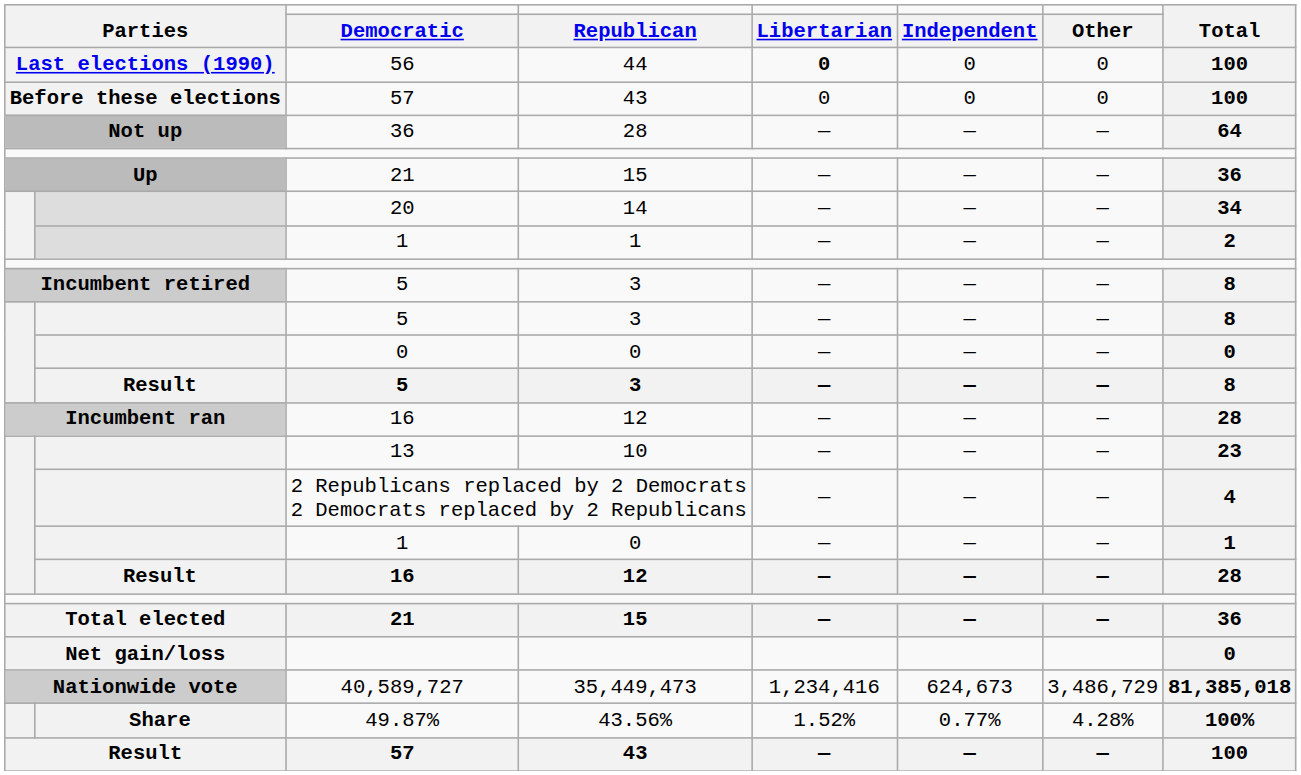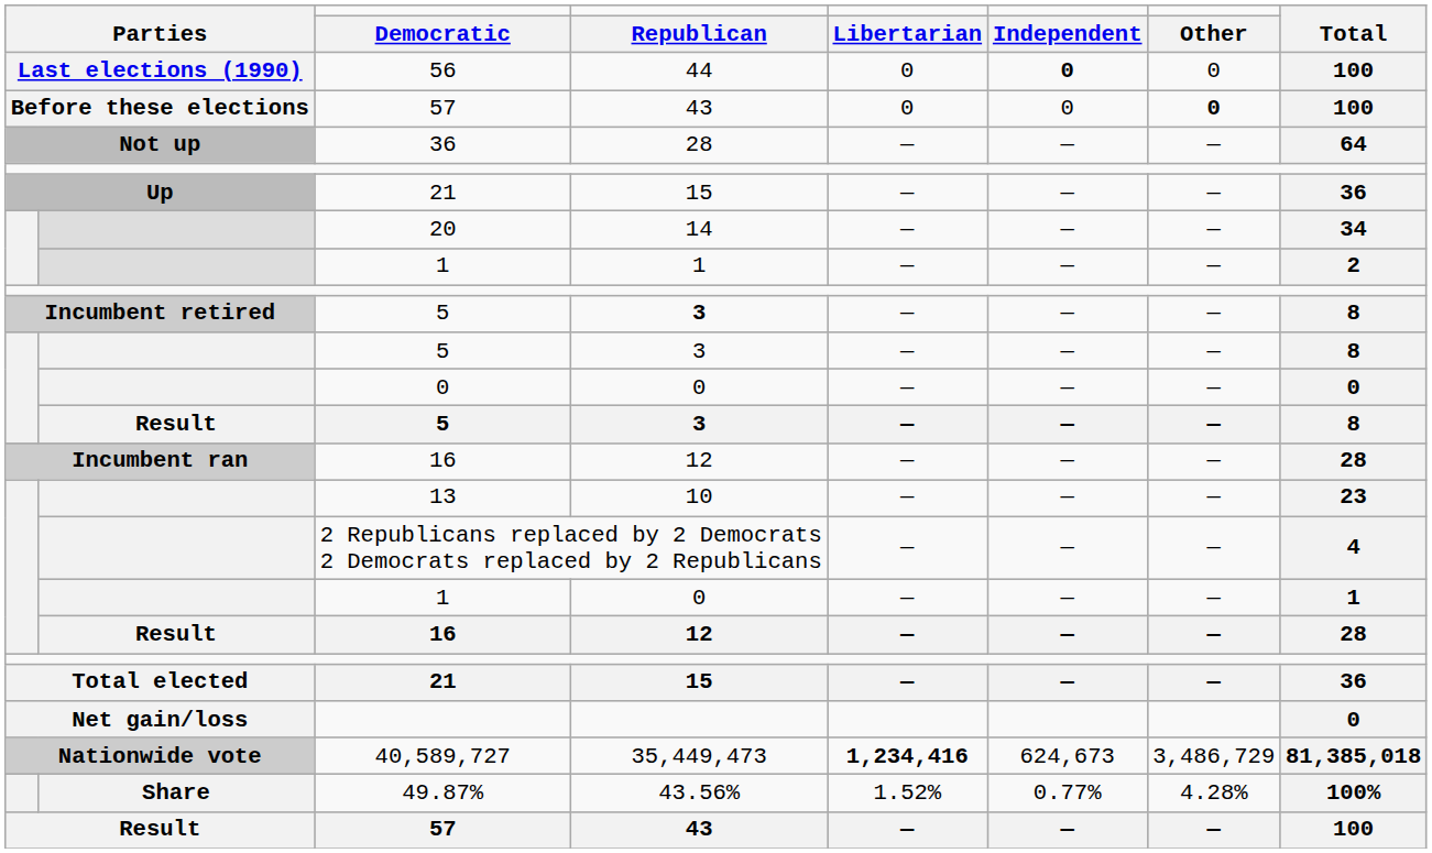 <table class=wikitable style=text-align:center>
 <tr valign=bottom>
 <th rowspan=2 colspan=2>Parties</th>
 <td style="background-color:"></td>
 <td style="background-color:"></td>
 <td style="background-color:"></td>
 <td style="background-color:"></td>
 <td style="background-color:"></td>
 <th rowspan=2>Total</th>
 </tr>
 <tr valign=bottom>
 <th><a href='#'>Democratic</a></th>
 <th><a href='#'>Republican</a></th>
 <th><a href='#'>Libertarian</a></th>
 <th><a href='#'>Independent</a></th>
 <th>Other</th>
 </tr>
 <tr>
 <th colspan=2><a href='#'>Last elections (1990)</a></th>
 <td>56</td>
 <td>44</td>
+<td>0</td>
 <td><strong>0</strong></td>
-<td>0</td>
 <td>0</td>
 <th>100</th>
 </tr>
 <tr>
 <th colspan=2 class=small>Before these elections</th>
 <td>57</td>
 <td>43</td>
 <td>0</td>
 <td>0</td>
-<td>0</td>
+<td><strong>0</strong></td>
 <th>100</th>
 </tr>
 <tr>
 <th colspan=2 style="background:#bbb">Not up</th>
 <td>36</td>
 <td>28</td>
 <td>—</td>
 <td>—</td>
 <td>—</td>
 <th>64</th>
 </tr>
 <tr>
 <td colspan=100></td>
 </tr>
 <tr>
 <th colspan=2 style="background:#bbb">Up</th>
 <td>21</td>
 <td>15</td>
 <td>—</td>
 <td>—</td>
 <td>—</td>
 <th>36</th>
 </tr>
 <tr>
 <th rowspan=2></th>
 <th style="background:#ddd"></th>
 <td>20</td>
 <td>14</td>
 <td>—</td>
 <td>—</td>
 <td>—</td>
 <th>34</th>
 </tr>
 <tr>
 <th style="background:#ddd"></th>
 <td>1</td>
 <td>1</td>
 <td>—</td>
 <td>—</td>
 <td>—</td>
 <th>2</th>
 </tr>
 <tr>
 <td colspan=100></td>
 </tr>
 <tr>
 <th colspan=2 style="background:#ccc">Incumbent retired</th>
 <td>5</td>
-<td>3</td>
+<td><strong>3</strong></td>
 <td>—</td>
 <td>—</td>
 <td>—</td>
 <th>8</th>
 </tr>
 <tr>
 <th rowspan=3></th>
 <th></th>
 <td>5</td>
 <td>3</td>
 <td>—</td>
 <td>—</td>
 <td>—</td>
 <th>8</th>
 </tr>
 <tr>
 <th></th>
 <td>0</td>
 <td>0</td>
 <td>—</td>
 <td>—</td>
 <td>—</td>
 <th>0</th>
 </tr>
 <tr>
 <th>Result</th>
 <th>5</th>
 <th>3</th>
 <th>—</th>
 <th>—</th>
 <th>—</th>
 <th>8</th>
 </tr>
 <tr>
 <th colspan=2 style="background:#ccc">Incumbent ran</th>
 <td>16</td>
 <td>12</td>
 <td>—</td>
 <td>—</td>
 <td>—</td>
 <th>28</th>
 </tr>
 <tr>
 <th rowspan=4></th>
 <th></th>
 <td>13</td>
 <td>10</td>
 <td>—</td>
 <td>—</td>
 <td>—</td>
 <th>23</th>
 </tr>
 <tr>
 <th></th>
 <td colspan=2>2 Republicans replaced by 2 Democrats<br>2 Democrats replaced by 2 Republicans</td>
 <td>—</td>
 <td>—</td>
 <td>—</td>
 <th>4</th>
 </tr>
 <tr>
 <th></th>
 <td>1</td>
 <td>0</td>
 <td>—</td>
 <td>—</td>
 <td>—</td>
 <th>1</th>
 </tr>
 <tr>
 <th>Result</th>
 <th>16</th>
 <th>12</th>
 <th>—</th>
 <th>—</th>
 <th>—</th>
 <th>28</th>
 </tr>
 <tr>
 <td colspan=100></td>
 </tr>
 <tr>
 <th colspan=2>Total elected</th>
 <th>21</th>
 <th>15</th>
 <th>—</th>
 <th>—</th>
 <th>—</th>
 <th>36</th>
 </tr>
 <tr>
 <th colspan=2>Net gain/loss</th>
 <td></td>
 <td></td>
 <td></td>
 <td></td>
 <td></td>
 <th>0</th>
 </tr>
 <tr>
 <th colspan=2 style="background:#ccc">Nationwide vote</th>
 <td>40,589,727</td>
 <td>35,449,473</td>
-<td>1,234,416</td>
+<td><strong>1,234,416</strong></td>
 <td>624,673</td>
 <td>3,486,729</td>
 <th>81,385,018</th>
 </tr>
 <tr>
 <th></th>
 <th>Share</th>
 <td>49.87%</td>
 <td>43.56%</td>
 <td>1.52%</td>
 <td>0.77%</td>
 <td>4.28%</td>
 <th>100%</th>
 </tr>
 <tr>
 <th colspan=2>Result</th>
 <th>57</th>
 <th>43</th>
 <th>—</th>
 <th>—</th>
 <th>—</th>
 <th>100</th>
 </tr>
 </table>
